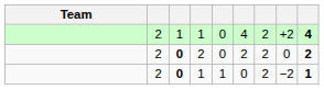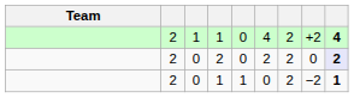 <table class="wikitable" style="text-align: center;">
 <tr>
 <th width="175">Team</th>
 <th width="20"></th>
 <th width="20"></th>
 <th width="20"></th>
 <th width="20"></th>
 <th width="20"></th>
 <th width="20"></th>
 <th width="20"></th>
 <th width="20"></th>
 </tr>
 <tr bgcolor=ccffcc>
 <td style="text-align:left;"></td>
 <td>2</td>
 <td>1</td>
 <td>1</td>
 <td>0</td>
 <td>4</td>
 <td>2</td>
 <td>+2</td>
 <td><strong>4</strong></td>
 </tr>
 <tr>
 <td style="text-align:left;"></td>
 <td>2</td>
-<td><strong>0</strong></td>
+<td>0</td>
 <td>2</td>
 <td>0</td>
 <td>2</td>
 <td>2</td>
 <td>0</td>
-<td><strong>2</strong></td>
+<td style="background: lavender;"><strong>2</strong></td>
 </tr>
 <tr>
 <td style="text-align:left;"></td>
 <td>2</td>
-<td><strong>0</strong></td>
+<td>0</td>
 <td>1</td>
 <td>1</td>
 <td>0</td>
 <td>2</td>
 <td>−2</td>
 <td><strong>1</strong></td>
 </tr>
 </table>
